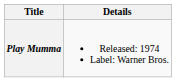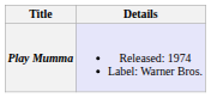 <table class="wikitable plainrowheaders" style="text-align:center;" border="1">
 <tr>
 <th>Title</th>
 <th>Details</th>
 </tr>
 <tr>
 <th scope="row"><em>Play Mumma</em></th>
-<td><br><ul><li>Released: 1974</li><li>Label: Warner Bros.</li></ul></td>
+<td style="background: lavender;"><br><ul><li>Released: 1974</li><li>Label: Warner Bros.</li></ul></td>
 </tr>
 </table>
